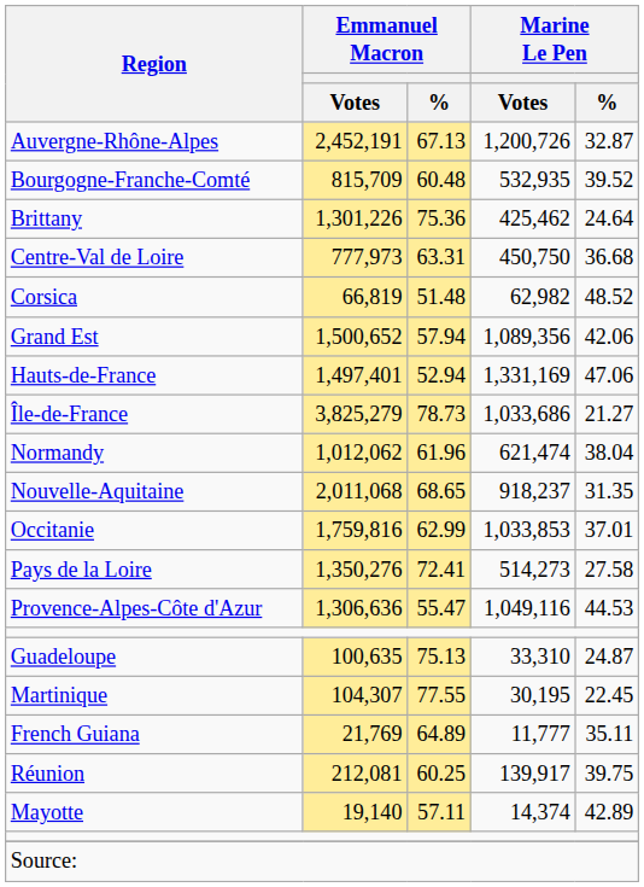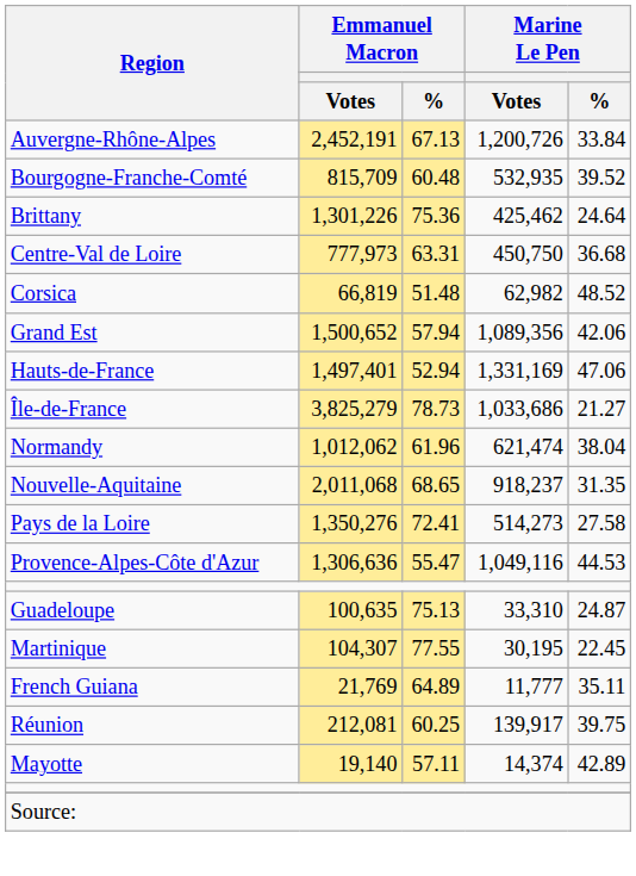 <table class="wikitable sortable collapsible collapsed tpl-blanktable" style="text-align:right; font-size:95%; line-height:20px">
 <tr>
 <th width="200" rowspan="3"><a href='#'>Region</a></th>
 <th width="110" colspan="2"><a href='#'>Emmanuel<br>Macron</a></th>
 <th width="110" colspan="2"><a href='#'>Marine<br>Le Pen</a></th>
 </tr>
 <tr>
 <th colspan="2" style="background:"></th>
 <th colspan="2" style="background:"></th>
 </tr>
 <tr>
 <th>Votes</th>
 <th>%</th>
 <th>Votes</th>
 <th>%</th>
 </tr>
 <tr>
 <td align="left"><a href='#'>Auvergne-Rhône-Alpes</a></td>
 <td style="background:#FFED99;">2,452,191</td>
 <td style="background:#FFED99;">67.13</td>
 <td>1,200,726</td>
-<td>32.87</td>
+<td>33.84</td>
 </tr>
 <tr>
 <td align="left"><a href='#'>Bourgogne-Franche-Comté</a></td>
 <td style="background:#FFED99;">815,709</td>
 <td style="background:#FFED99;">60.48</td>
 <td>532,935</td>
 <td>39.52</td>
 </tr>
 <tr>
 <td align="left"><a href='#'>Brittany</a></td>
 <td style="background:#FFED99;">1,301,226</td>
 <td style="background:#FFED99;">75.36</td>
 <td>425,462</td>
 <td>24.64</td>
 </tr>
 <tr>
 <td align="left"><a href='#'>Centre-Val de Loire</a></td>
 <td style="background:#FFED99;">777,973</td>
 <td style="background:#FFED99;">63.31</td>
 <td>450,750</td>
 <td>36.68</td>
 </tr>
 <tr>
 <td align="left"><a href='#'>Corsica</a></td>
 <td style="background:#FFED99;">66,819</td>
 <td style="background:#FFED99;">51.48</td>
 <td>62,982</td>
 <td>48.52</td>
 </tr>
 <tr>
 <td align="left"><a href='#'>Grand Est</a></td>
 <td style="background:#FFED99;">1,500,652</td>
 <td style="background:#FFED99;">57.94</td>
 <td>1,089,356</td>
 <td>42.06</td>
 </tr>
 <tr>
 <td align="left"><a href='#'>Hauts-de-France</a></td>
 <td style="background:#FFED99;">1,497,401</td>
 <td style="background:#FFED99;">52.94</td>
 <td>1,331,169</td>
 <td>47.06</td>
 </tr>
 <tr>
 <td align="left"><a href='#'>Île-de-France</a></td>
 <td style="background:#FFED99;">3,825,279</td>
 <td style="background:#FFED99;">78.73</td>
 <td>1,033,686</td>
 <td>21.27</td>
 </tr>
 <tr>
 <td align="left"><a href='#'>Normandy</a></td>
 <td style="background:#FFED99;">1,012,062</td>
 <td style="background:#FFED99;">61.96</td>
 <td>621,474</td>
 <td>38.04</td>
 </tr>
 <tr>
 <td align="left"><a href='#'>Nouvelle-Aquitaine</a></td>
 <td style="background:#FFED99;">2,011,068</td>
 <td style="background:#FFED99;">68.65</td>
 <td>918,237</td>
 <td>31.35</td>
 </tr>
 <tr>
-<td align="left"><a href='#'>Occitanie</a></td>
-<td style="background:#FFED99;">1,759,816</td>
-<td style="background:#FFED99;">62.99</td>
-<td>1,033,853</td>
-<td>37.01</td>
-</tr>
-<tr>
 <td align="left"><a href='#'>Pays de la Loire</a></td>
 <td style="background:#FFED99;">1,350,276</td>
 <td style="background:#FFED99;">72.41</td>
 <td>514,273</td>
 <td>27.58</td>
 </tr>
 <tr>
 <td align="left"><a href='#'>Provence-Alpes-Côte d'Azur</a></td>
 <td style="background:#FFED99;">1,306,636</td>
 <td style="background:#FFED99;">55.47</td>
 <td>1,049,116</td>
 <td>44.53</td>
 </tr>
 <tr class="sortbottom">
 <td colspan="5"></td>
 </tr>
 <tr>
 <td align="left"><a href='#'>Guadeloupe</a></td>
 <td style="background:#FFED99;">100,635</td>
 <td style="background:#FFED99;">75.13</td>
 <td>33,310</td>
 <td>24.87</td>
 </tr>
 <tr>
 <td align="left"><a href='#'>Martinique</a></td>
 <td style="background:#FFED99;">104,307</td>
 <td style="background:#FFED99;">77.55</td>
 <td>30,195</td>
 <td>22.45</td>
 </tr>
 <tr>
 <td align="left"><a href='#'>French Guiana</a></td>
 <td style="background:#FFED99;">21,769</td>
 <td style="background:#FFED99;">64.89</td>
 <td>11,777</td>
 <td>35.11</td>
 </tr>
 <tr>
 <td align="left"><a href='#'>Réunion</a></td>
 <td style="background:#FFED99;">212,081</td>
 <td style="background:#FFED99;">60.25</td>
 <td>139,917</td>
 <td>39.75</td>
 </tr>
 <tr>
 <td align="left"><a href='#'>Mayotte</a></td>
 <td style="background:#FFED99;">19,140</td>
 <td style="background:#FFED99;">57.11</td>
 <td>14,374</td>
 <td>42.89</td>
 </tr>
 <tr class="sortbottom">
 <td colspan="5"></td>
 </tr>
 <tr>
 </tr>
 <tr class="sortbottom">
 <td colspan="5" style="text-align:left;">Source: </td>
 </tr>
 </table>
